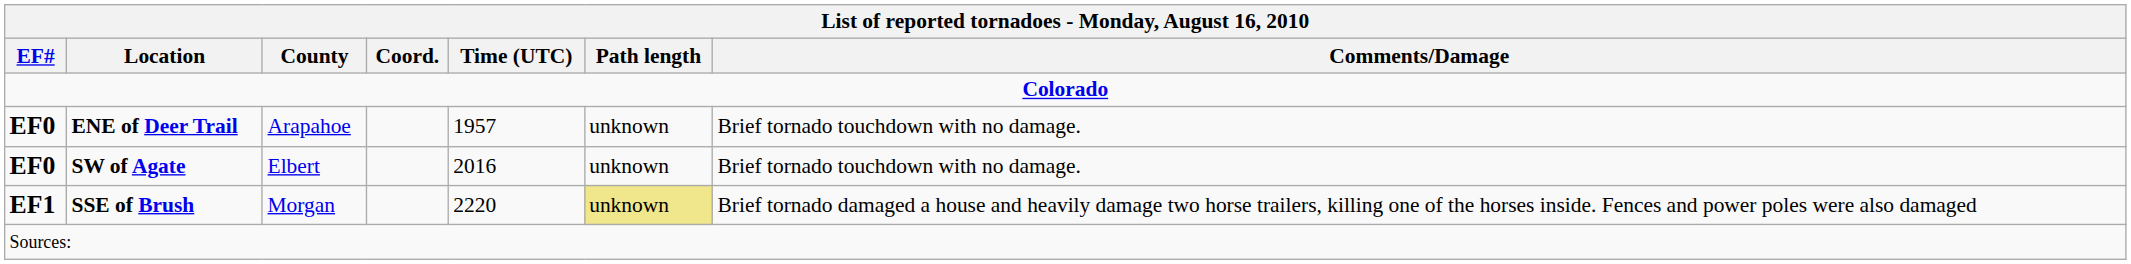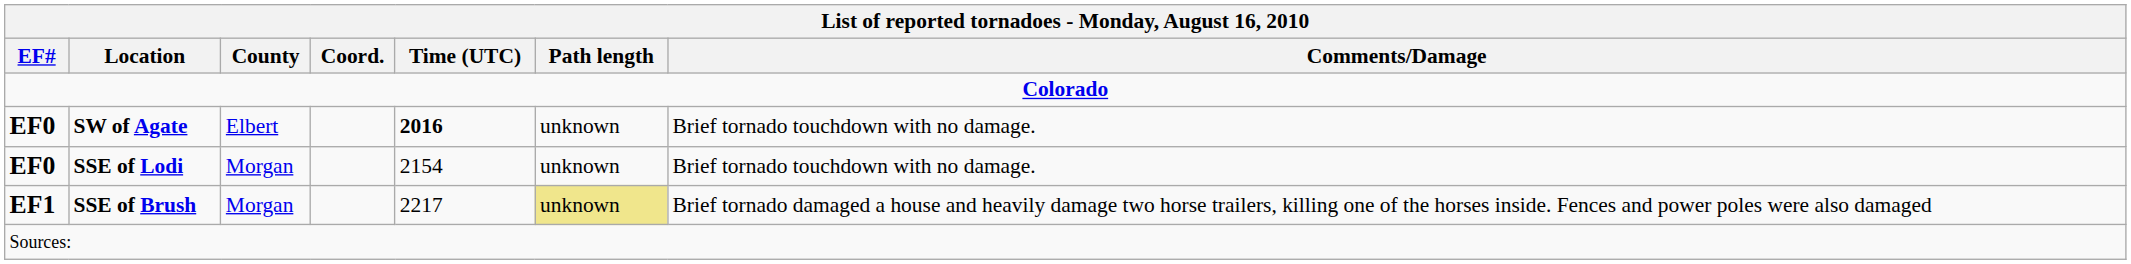 <table class="wikitable collapsible" width="100%">
 <tr>
 <th colspan="7">List of reported tornadoes - Monday, August 16, 2010</th>
 </tr>
 <tr>
 <th><a href='#'>EF#</a></th>
 <th>Location</th>
 <th>County</th>
 <th>Coord.</th>
 <th>Time (UTC)</th>
 <th>Path length</th>
 <th>Comments/Damage</th>
 </tr>
 <tr>
 <td colspan="7" align=center><strong><a href='#'>Colorado</a></strong></td>
 </tr>
 <tr>
 <td><big><strong>EF0</strong></big></td>
-<td><strong>ENE of <a href='#'>Deer Trail</a></strong></td>
-<td><a href='#'>Arapahoe</a></td>
+<td><strong>SW of <a href='#'>Agate</a></strong></td>
+<td><a href='#'>Elbert</a></td>
 <td></td>
-<td>1957</td>
+<td><strong>2016</strong></td>
 <td>unknown</td>
 <td>Brief tornado touchdown with no damage.</td>
 </tr>
 <tr>
 <td><big><strong>EF0</strong></big></td>
-<td><strong>SW of <a href='#'>Agate</a></strong></td>
-<td><a href='#'>Elbert</a></td>
+<td><strong>SSE of <a href='#'>Lodi</a></strong></td>
+<td><a href='#'>Morgan</a></td>
 <td></td>
-<td>2016</td>
+<td>2154</td>
 <td>unknown</td>
 <td>Brief tornado touchdown with no damage.</td>
 </tr>
 <tr>
 <td><big><strong>EF1</strong></big></td>
 <td><strong>SSE of <a href='#'>Brush</a></strong></td>
 <td><a href='#'>Morgan</a></td>
 <td></td>
-<td>2220</td>
+<td>2217</td>
 <td style="background: khaki;">unknown</td>
 <td>Brief tornado damaged a house and heavily damage two horse trailers, killing one of the horses inside. Fences and power poles were also damaged</td>
 </tr>
 <tr>
 <td colspan="7"><small>Sources:<br></small></td>
 </tr>
 </table>
